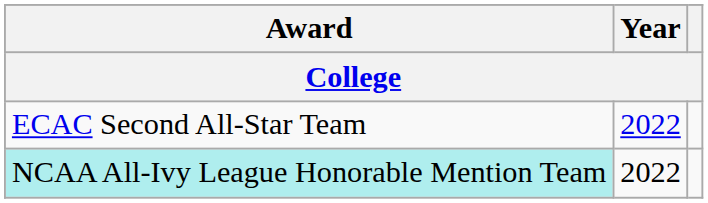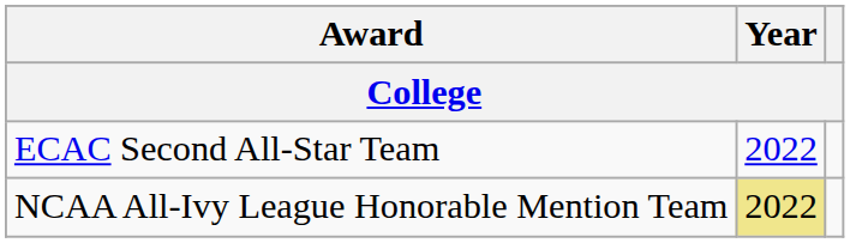 <table class="wikitable">
 <tr>
 <th>Award</th>
 <th>Year</th>
 <th></th>
 </tr>
 <tr>
 <th colspan="3"><a href='#'>College</a></th>
 </tr>
 <tr>
 <td><a href='#'>ECAC</a> Second All-Star Team</td>
 <td><a href='#'>2022</a></td>
 <td></td>
 </tr>
 <tr>
-<td style="background: paleturquoise;">NCAA All-Ivy League Honorable Mention Team</td>
-<td>2022</td>
+<td>NCAA All-Ivy League Honorable Mention Team</td>
+<td style="background: khaki;">2022</td>
 <td></td>
 </tr>
 </table>
